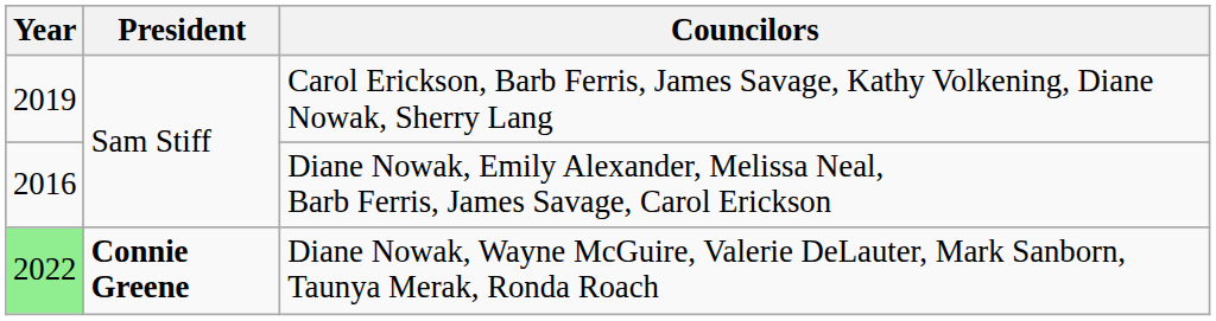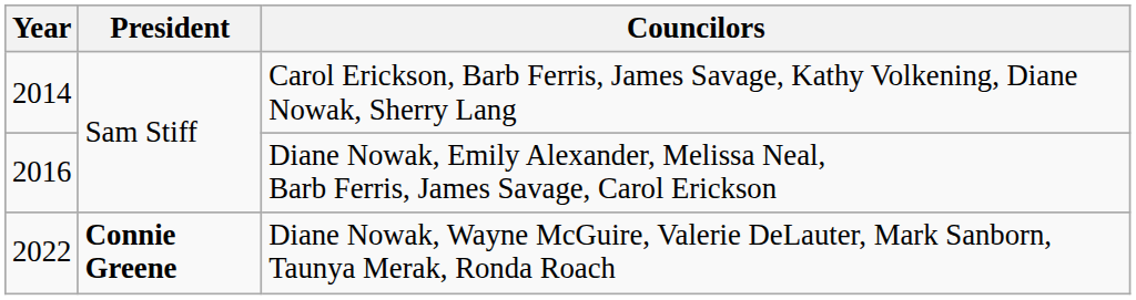 <table class="wikitable">
 <tr>
 <th>Year</th>
 <th>President</th>
 <th>Councilors</th>
 </tr>
 <tr>
-<td>2019</td>
+<td>2014</td>
 <td rowspan=2>Sam Stiff</td>
 <td>Carol Erickson, Barb Ferris, James Savage, Kathy Volkening, Diane Nowak, Sherry Lang</td>
 </tr>
 <tr>
 <td>2016</td>
 <td>Diane Nowak, Emily Alexander, Melissa Neal,<br>Barb Ferris, James Savage, Carol Erickson  </td>
 </tr>
 <tr>
-<td style="background: lightgreen;">2022</td>
+<td>2022</td>
 <td rowspan=1><strong>Connie Greene</strong></td>
 <td>Diane Nowak, Wayne McGuire, Valerie DeLauter, Mark Sanborn, Taunya Merak, Ronda Roach</td>
 </tr>
 </table>
